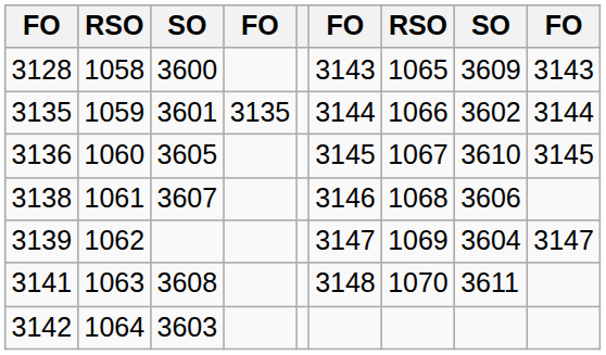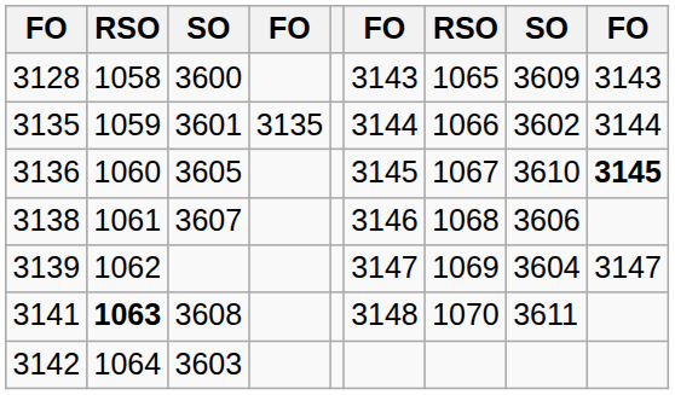 <table class="wikitable">
 <tr>
 <th>FO</th>
 <th>RSO</th>
 <th>SO</th>
 <th>FO</th>
 <th></th>
 <th>FO</th>
 <th>RSO</th>
 <th>SO</th>
 <th>FO</th>
 </tr>
 <tr>
 <td>3128</td>
 <td>1058</td>
 <td>3600</td>
 <td></td>
 <td></td>
 <td>3143</td>
 <td>1065</td>
 <td>3609</td>
 <td>3143</td>
 </tr>
 <tr>
 <td>3135</td>
 <td>1059</td>
 <td>3601</td>
 <td>3135</td>
 <td></td>
 <td>3144</td>
 <td>1066</td>
 <td>3602</td>
 <td>3144</td>
 </tr>
 <tr>
 <td>3136</td>
 <td>1060</td>
 <td>3605</td>
 <td></td>
 <td></td>
 <td>3145</td>
 <td>1067</td>
 <td>3610</td>
-<td>3145</td>
+<td><strong>3145</strong></td>
 </tr>
 <tr>
 <td>3138</td>
 <td>1061</td>
 <td>3607</td>
 <td></td>
 <td></td>
 <td>3146</td>
 <td>1068</td>
 <td>3606</td>
 <td></td>
 </tr>
 <tr>
 <td>3139</td>
 <td>1062</td>
 <td></td>
 <td></td>
 <td></td>
 <td>3147</td>
 <td>1069</td>
 <td>3604</td>
 <td>3147</td>
 </tr>
 <tr>
 <td>3141</td>
-<td>1063</td>
+<td><strong>1063</strong></td>
 <td>3608</td>
 <td></td>
 <td></td>
 <td>3148</td>
 <td>1070</td>
 <td>3611</td>
 <td></td>
 </tr>
 <tr>
 <td>3142</td>
 <td>1064</td>
 <td>3603</td>
 <td></td>
 <td></td>
 <td></td>
 <td></td>
 <td></td>
 <td></td>
 </tr>
 </table>
